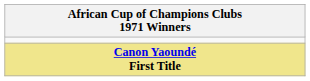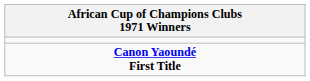 <table class="wikitable" style="text-align: center; margin: 0 auto; width: 20%">
 <tr>
 <th>African Cup of Champions Clubs<br>1971 Winners</th>
 </tr>
 <tr>
 <td></td>
 </tr>
 <tr>
-<td style="background: khaki;"><strong><a href='#'>Canon Yaoundé</a></strong><br><strong>First Title</strong></td>
+<td><strong><a href='#'>Canon Yaoundé</a></strong><br><strong>First Title</strong></td>
 </tr>
 </table>
